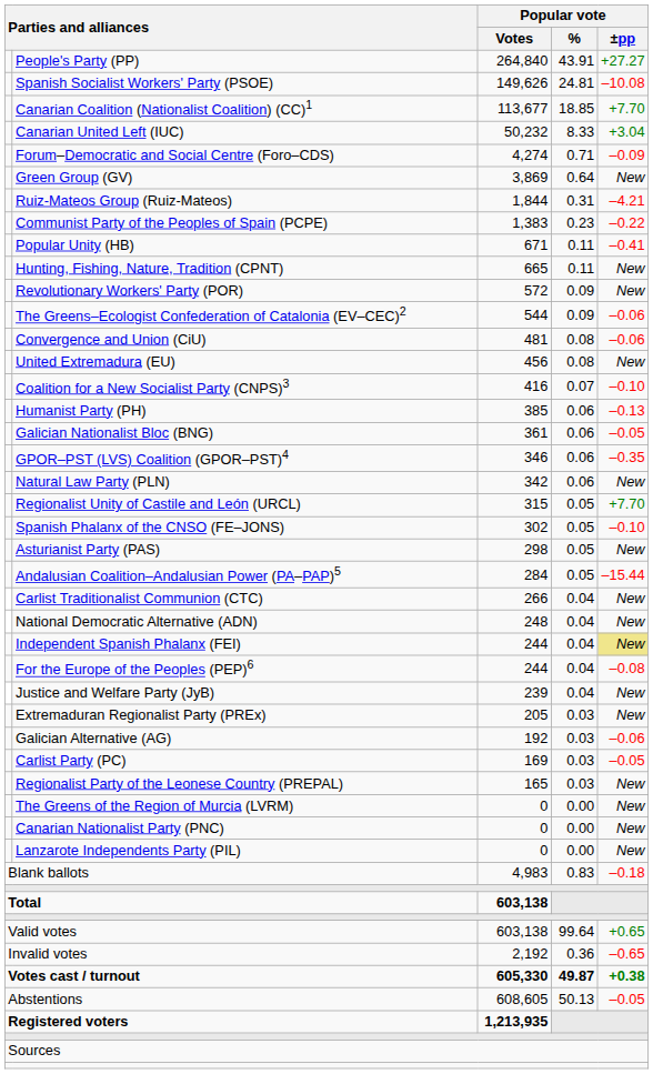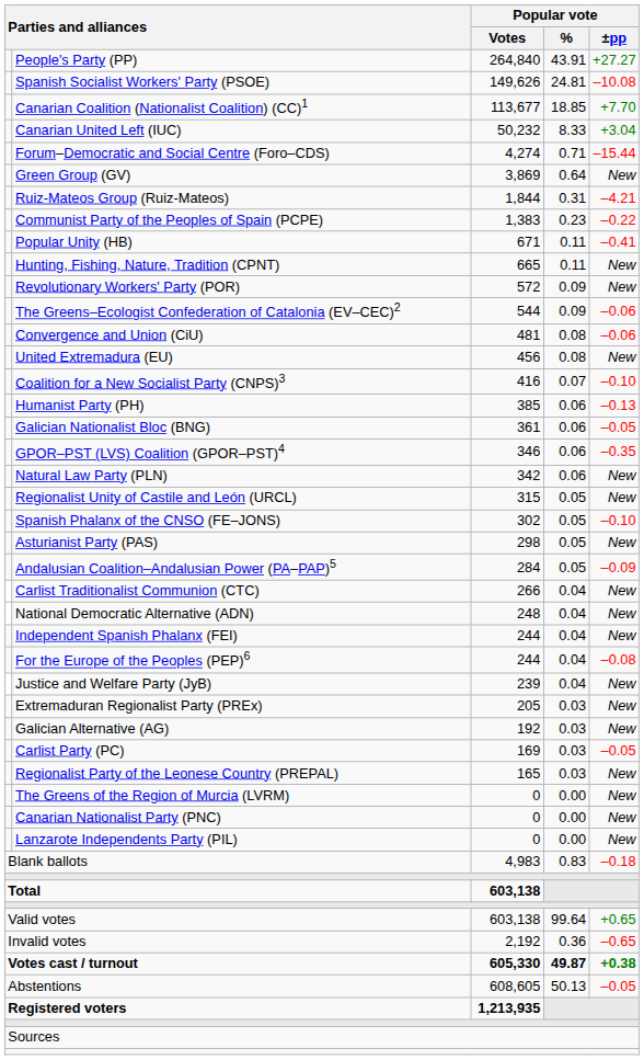 <table class="wikitable" style="text-align:right">
 <tr>
 <th style="text-align:left;" rowspan="2" colspan="2" width="525">Parties and alliances</th>
 <th colspan="3">Popular vote</th>
 </tr>
 <tr>
 <th width="75">Votes</th>
 <th width="45">%</th>
 <th width="45">±<a href='#'>pp</a></th>
 </tr>
 <tr>
 <td width="1" style="color:inherit;background:"></td>
 <td align="left"><a href='#'>People's Party</a> (PP)</td>
 <td>264,840</td>
 <td>43.91</td>
 <td style="color:green;">+27.27</td>
 </tr>
 <tr>
 <td style="color:inherit;background:"></td>
 <td align="left"><a href='#'>Spanish Socialist Workers' Party</a> (PSOE)</td>
 <td>149,626</td>
 <td>24.81</td>
 <td style="color:red;">–10.08</td>
 </tr>
 <tr>
 <td style="color:inherit;background:"></td>
 <td align="left"><a href='#'>Canarian Coalition</a> (<a href='#'>Nationalist Coalition</a>) (CC)<sup>1</sup></td>
 <td>113,677</td>
 <td>18.85</td>
 <td style="color:green;">+7.70</td>
 </tr>
 <tr>
 <td style="color:inherit;background:"></td>
 <td align="left"><a href='#'>Canarian United Left</a> (IUC)</td>
 <td>50,232</td>
 <td>8.33</td>
 <td style="color:green;">+3.04</td>
 </tr>
 <tr>
 <td style="color:inherit;background:"></td>
 <td align="left"><a href='#'>Forum</a>–<a href='#'>Democratic and Social Centre</a> (Foro–CDS)</td>
 <td>4,274</td>
 <td>0.71</td>
-<td style="color:red;">–0.09</td>
+<td style="color:red;">–15.44</td>
 </tr>
 <tr>
 <td style="color:inherit;background:"></td>
 <td align="left"><a href='#'>Green Group</a> (GV)</td>
 <td>3,869</td>
 <td>0.64</td>
 <td><em>New</em></td>
 </tr>
 <tr>
 <td style="color:inherit;background:"></td>
 <td align="left"><a href='#'>Ruiz-Mateos Group</a> (Ruiz-Mateos)</td>
 <td>1,844</td>
 <td>0.31</td>
 <td style="color:red;">–4.21</td>
 </tr>
 <tr>
 <td style="color:inherit;background:"></td>
 <td align="left"><a href='#'>Communist Party of the Peoples of Spain</a> (PCPE)</td>
 <td>1,383</td>
 <td>0.23</td>
 <td style="color:red;">–0.22</td>
 </tr>
 <tr>
 <td style="color:inherit;background:"></td>
 <td align="left"><a href='#'>Popular Unity</a> (HB)</td>
 <td>671</td>
 <td>0.11</td>
 <td style="color:red;">–0.41</td>
 </tr>
 <tr>
 <td style="color:inherit;background:"></td>
 <td align="left"><a href='#'>Hunting, Fishing, Nature, Tradition</a> (CPNT)</td>
 <td>665</td>
 <td>0.11</td>
 <td><em>New</em></td>
 </tr>
 <tr>
 <td style="color:inherit;background:"></td>
 <td align="left"><a href='#'>Revolutionary Workers' Party</a> (POR)</td>
 <td>572</td>
 <td>0.09</td>
 <td><em>New</em></td>
 </tr>
 <tr>
 <td style="color:inherit;background:"></td>
 <td align="left"><a href='#'>The Greens–Ecologist Confederation of Catalonia</a> (EV–CEC)<sup>2</sup></td>
 <td>544</td>
 <td>0.09</td>
 <td style="color:red;">–0.06</td>
 </tr>
 <tr>
 <td style="color:inherit;background:"></td>
 <td align="left"><a href='#'>Convergence and Union</a> (CiU)</td>
 <td>481</td>
 <td>0.08</td>
 <td style="color:red;">–0.06</td>
 </tr>
 <tr>
 <td style="color:inherit;background:"></td>
 <td align="left"><a href='#'>United Extremadura</a> (EU)</td>
 <td>456</td>
 <td>0.08</td>
 <td><em>New</em></td>
 </tr>
 <tr>
 <td style="color:inherit;background:"></td>
 <td align="left"><a href='#'>Coalition for a New Socialist Party</a> (CNPS)<sup>3</sup></td>
 <td>416</td>
 <td>0.07</td>
 <td style="color:red;">–0.10</td>
 </tr>
 <tr>
 <td style="color:inherit;background:"></td>
 <td align="left"><a href='#'>Humanist Party</a> (PH)</td>
 <td>385</td>
 <td>0.06</td>
 <td style="color:red;">–0.13</td>
 </tr>
 <tr>
 <td style="color:inherit;background:"></td>
 <td align="left"><a href='#'>Galician Nationalist Bloc</a> (BNG)</td>
 <td>361</td>
 <td>0.06</td>
 <td style="color:red;">–0.05</td>
 </tr>
 <tr>
 <td style="color:inherit;background:"></td>
 <td align="left"><a href='#'>GPOR–PST (LVS) Coalition</a> (GPOR–PST)<sup>4</sup></td>
 <td>346</td>
 <td>0.06</td>
 <td style="color:red;">–0.35</td>
 </tr>
 <tr>
 <td style="color:inherit;background:"></td>
 <td align="left"><a href='#'>Natural Law Party</a> (PLN)</td>
 <td>342</td>
 <td>0.06</td>
 <td><em>New</em></td>
 </tr>
 <tr>
 <td style="color:inherit;background:"></td>
 <td align="left"><a href='#'>Regionalist Unity of Castile and León</a> (URCL)</td>
 <td>315</td>
 <td>0.05</td>
-<td style="color:green;">+7.70</td>
+<td><em>New</em></td>
 </tr>
 <tr>
 <td style="color:inherit;background:"></td>
 <td align="left"><a href='#'>Spanish Phalanx of the CNSO</a> (FE–JONS)</td>
 <td>302</td>
 <td>0.05</td>
 <td style="color:red;">–0.10</td>
 </tr>
 <tr>
 <td style="color:inherit;background:"></td>
 <td align="left"><a href='#'>Asturianist Party</a> (PAS)</td>
 <td>298</td>
 <td>0.05</td>
 <td><em>New</em></td>
 </tr>
 <tr>
 <td style="color:inherit;background:"></td>
 <td align="left"><a href='#'>Andalusian Coalition–Andalusian Power</a> (<a href='#'>PA</a>–<a href='#'>PAP</a>)<sup>5</sup></td>
 <td>284</td>
 <td>0.05</td>
-<td style="color:red;">–15.44</td>
+<td style="color:red;">–0.09</td>
 </tr>
 <tr>
 <td bgcolor="white"></td>
 <td align="left"><a href='#'>Carlist Traditionalist Communion</a> (CTC)</td>
 <td>266</td>
 <td>0.04</td>
 <td><em>New</em></td>
 </tr>
 <tr>
 <td bgcolor="white"></td>
 <td align="left">National Democratic Alternative (ADN)</td>
 <td>248</td>
 <td>0.04</td>
 <td><em>New</em></td>
 </tr>
 <tr>
 <td style="color:inherit;background:"></td>
 <td align="left"><a href='#'>Independent Spanish Phalanx</a> (FEI)</td>
 <td>244</td>
 <td>0.04</td>
-<td style="background: khaki;"><em>New</em></td>
+<td><em>New</em></td>
 </tr>
 <tr>
 <td style="color:inherit;background:"></td>
 <td align="left"><a href='#'>For the Europe of the Peoples</a> (PEP)<sup>6</sup></td>
 <td>244</td>
 <td>0.04</td>
 <td style="color:red;">–0.08</td>
 </tr>
 <tr>
 <td bgcolor="white"></td>
 <td align="left">Justice and Welfare Party (JyB)</td>
 <td>239</td>
 <td>0.04</td>
 <td><em>New</em></td>
 </tr>
 <tr>
 <td style="color:inherit;background:"></td>
 <td align="left">Extremaduran Regionalist Party (PREx)</td>
 <td>205</td>
 <td>0.03</td>
 <td><em>New</em></td>
 </tr>
 <tr>
 <td style="color:inherit;background:"></td>
 <td align="left">Galician Alternative (AG)</td>
 <td>192</td>
 <td>0.03</td>
-<td style="color:red;">–0.06</td>
+<td><em>New</em></td>
 </tr>
 <tr>
 <td style="color:inherit;background:"></td>
 <td align="left"><a href='#'>Carlist Party</a> (PC)</td>
 <td>169</td>
 <td>0.03</td>
 <td style="color:red;">–0.05</td>
 </tr>
 <tr>
 <td style="color:inherit;background:"></td>
 <td align="left"><a href='#'>Regionalist Party of the Leonese Country</a> (PREPAL)</td>
 <td>165</td>
 <td>0.03</td>
 <td><em>New</em></td>
 </tr>
 <tr>
 <td style="color:inherit;background:"></td>
 <td align="left"><a href='#'>The Greens of the Region of Murcia</a> (LVRM)</td>
 <td>0</td>
 <td>0.00</td>
 <td><em>New</em></td>
 </tr>
 <tr>
 <td style="color:inherit;background:"></td>
 <td align="left"><a href='#'>Canarian Nationalist Party</a> (PNC)</td>
 <td>0</td>
 <td>0.00</td>
 <td><em>New</em></td>
 </tr>
 <tr>
 <td style="color:inherit;background:"></td>
 <td align="left"><a href='#'>Lanzarote Independents Party</a> (PIL)</td>
 <td>0</td>
 <td>0.00</td>
 <td><em>New</em></td>
 </tr>
 <tr>
 <td align="left" colspan="2">Blank ballots</td>
 <td>4,983</td>
 <td>0.83</td>
 <td style="color:red;">–0.18</td>
 </tr>
 <tr>
 <td colspan="5" bgcolor="#E9E9E9"></td>
 </tr>
 <tr style="font-weight:bold;">
 <td align="left" colspan="2">Total</td>
 <td>603,138</td>
 <td bgcolor="#E9E9E9" colspan="2"></td>
 </tr>
 <tr>
 <td colspan="5" bgcolor="#E9E9E9"></td>
 </tr>
 <tr>
 <td align="left" colspan="2">Valid votes</td>
 <td>603,138</td>
 <td>99.64</td>
 <td style="color:green;">+0.65</td>
 </tr>
 <tr>
 <td align="left" colspan="2">Invalid votes</td>
 <td>2,192</td>
 <td>0.36</td>
 <td style="color:red;">–0.65</td>
 </tr>
 <tr style="font-weight:bold;">
 <td align="left" colspan="2">Votes cast / turnout</td>
 <td>605,330</td>
 <td>49.87</td>
 <td style="color:green;">+0.38</td>
 </tr>
 <tr>
 <td align="left" colspan="2">Abstentions</td>
 <td>608,605</td>
 <td>50.13</td>
 <td style="color:red;">–0.05</td>
 </tr>
 <tr style="font-weight:bold;">
 <td align="left" colspan="2">Registered voters</td>
 <td>1,213,935</td>
 <td bgcolor="#E9E9E9" colspan="2"></td>
 </tr>
 <tr>
 <td colspan="5" bgcolor="#E9E9E9"></td>
 </tr>
 <tr>
 <td align="left" colspan="5">Sources</td>
 </tr>
 <tr>
 <td colspan="5" style="text-align:left; max-width:680px;"></td>
 </tr>
 </table>
